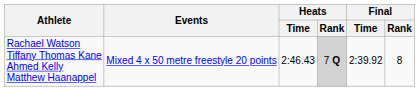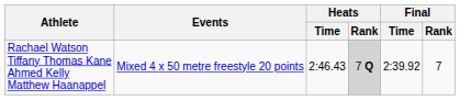 <table class=wikitable>
 <tr>
 <th rowspan="2">Athlete</th>
 <th rowspan="2">Events</th>
 <th colspan="2">Heats</th>
 <th colspan="2">Final</th>
 </tr>
 <tr>
 <th>Time</th>
 <th>Rank</th>
 <th>Time</th>
 <th>Rank</th>
 </tr>
 <tr>
 <td><a href='#'>Rachael Watson</a> <br> <a href='#'>Tiffany Thomas Kane</a> <br> <a href='#'>Ahmed Kelly</a> <br> <a href='#'>Matthew Haanappel</a></td>
 <td><a href='#'>Mixed 4 x 50 metre freestyle 20 points</a></td>
 <td align="center">2:46.43</td>
 <td align="center" style="background: lightgrey;">7 <strong>Q</strong></td>
 <td align="center">2:39.92</td>
-<td align="center">8</td>
+<td align="center">7</td>
 </tr>
 </table>
